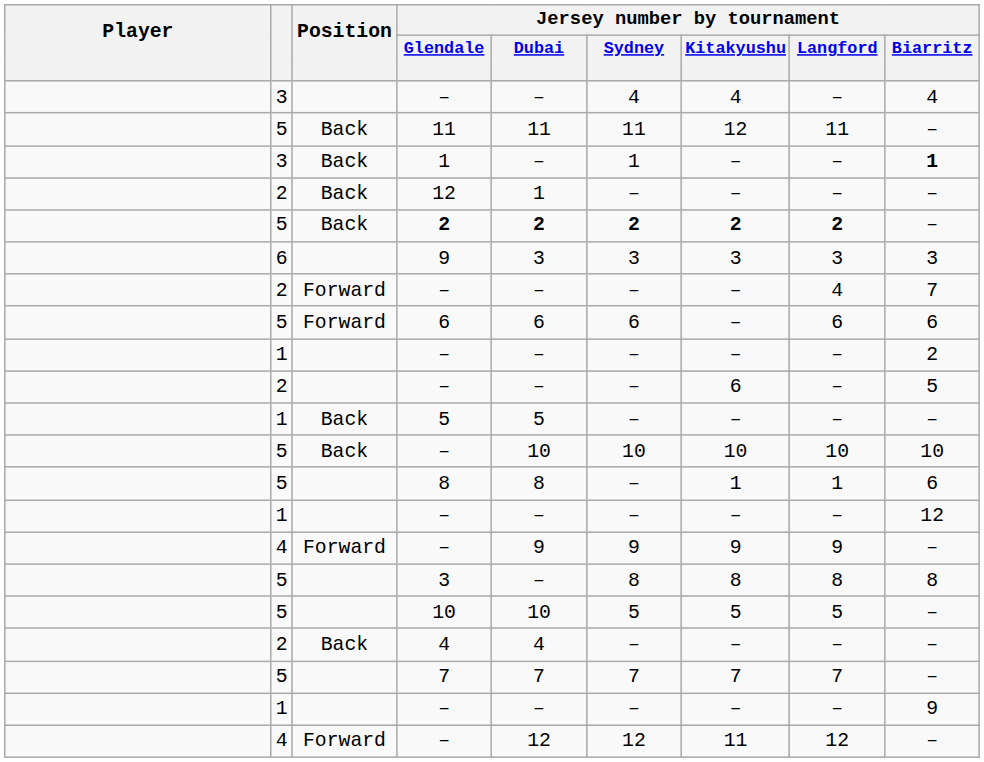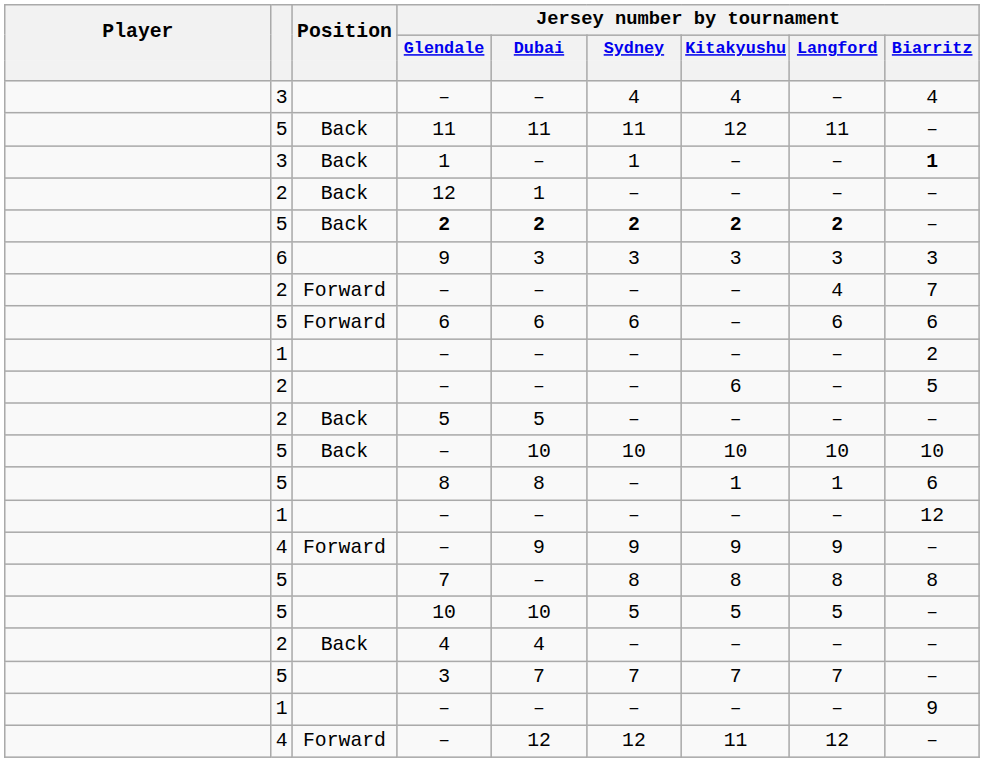 <table class="wikitable sortable" style="text-align:center;">
 <tr>
 <th rowspan=2 style="border-bottom:0px; width:13em;">Player</th>
 <th rowspan=2 style="border-bottom:0px;"></th>
 <th rowspan=2 style="border-bottom:0px;">Position</th>
 <th colspan=6 style="font-size:95%;">Jersey number by tournament</th>
 </tr>
 <tr>
 <th style="vertical-align:top; width:5.2em; border-bottom:0; padding:2px; font-size:85%;"><a href='#'>Glendale</a></th>
 <th style="vertical-align:top; width:5.2em; border-bottom:0; padding:2px; font-size:85%;"><a href='#'>Dubai</a></th>
 <th style="vertical-align:top; width:5.2em; border-bottom:0; padding:2px; font-size:85%;"><a href='#'>Sydney</a></th>
 <th style="vertical-align:top; width:5.2em; border-bottom:0; padding:2px; font-size:85%;"><a href='#'>Kitakyushu</a></th>
 <th style="vertical-align:top; width:5.2em; border-bottom:0; padding:2px; font-size:85%;"><a href='#'>Langford</a></th>
 <th style="vertical-align:top; width:5.2em; border-bottom:0; padding:2px; font-size:85%;"><a href='#'>Biarritz</a></th>
 </tr>
 <tr style="line-height:8px;">
 <th style="border-top:0;"> </th>
 <th style="border-top:0;"></th>
 <th style="border-top:0;"></th>
 <th data-sort-type="number" style="border-top:0;"></th>
 <th data-sort-type="number" style="border-top:0;"></th>
 <th data-sort-type="number" style="border-top:0;"></th>
 <th data-sort-type="number" style="border-top:0;"></th>
 <th data-sort-type="number" style="border-top:0;"></th>
 <th data-sort-type="number" style="border-top:0;"></th>
 </tr>
 <tr>
 <td align=left></td>
 <td>3</td>
 <td></td>
 <td>–</td>
 <td>–</td>
 <td>4</td>
 <td>4</td>
 <td>–</td>
 <td>4</td>
 </tr>
 <tr>
 <td align=left></td>
 <td>5</td>
 <td>Back</td>
 <td>11</td>
 <td>11</td>
 <td>11</td>
 <td>12</td>
 <td>11</td>
 <td>–</td>
 </tr>
 <tr>
 <td align=left></td>
 <td>3</td>
 <td>Back</td>
 <td>1</td>
 <td>–</td>
 <td>1</td>
 <td>–</td>
 <td>–</td>
 <td><strong>1</strong></td>
 </tr>
 <tr>
 <td align=left></td>
 <td>2</td>
 <td>Back</td>
 <td>12</td>
 <td>1</td>
 <td>–</td>
 <td>–</td>
 <td>–</td>
 <td>–</td>
 </tr>
 <tr>
 <td align=left></td>
 <td>5</td>
 <td>Back</td>
 <td><strong>2</strong></td>
 <td><strong>2</strong></td>
 <td><strong>2</strong></td>
 <td><strong>2</strong></td>
 <td><strong>2</strong></td>
 <td>–</td>
 </tr>
 <tr>
 <td align=left></td>
 <td>6</td>
 <td></td>
 <td>9</td>
 <td>3</td>
 <td>3</td>
 <td>3</td>
 <td>3</td>
 <td>3</td>
 </tr>
 <tr>
 <td align=left></td>
 <td>2</td>
 <td>Forward</td>
 <td>–</td>
 <td>–</td>
 <td>–</td>
 <td>–</td>
 <td>4</td>
 <td>7</td>
 </tr>
 <tr>
 <td align=left></td>
 <td>5</td>
 <td>Forward</td>
 <td>6</td>
 <td>6</td>
 <td>6</td>
 <td>–</td>
 <td>6</td>
 <td>6</td>
 </tr>
 <tr>
 <td align=left></td>
 <td>1</td>
 <td></td>
 <td>–</td>
 <td>–</td>
 <td>–</td>
 <td>–</td>
 <td>–</td>
 <td>2</td>
 </tr>
 <tr>
 <td align=left></td>
 <td>2</td>
 <td></td>
 <td>–</td>
 <td>–</td>
 <td>–</td>
 <td>6</td>
 <td>–</td>
 <td>5</td>
 </tr>
 <tr>
 <td align=left></td>
-<td>1</td>
+<td>2</td>
 <td>Back</td>
 <td>5</td>
 <td>5</td>
 <td>–</td>
 <td>–</td>
 <td>–</td>
 <td>–</td>
 </tr>
 <tr>
 <td align=left></td>
 <td>5</td>
 <td>Back</td>
 <td>–</td>
 <td>10</td>
 <td>10</td>
 <td>10</td>
 <td>10</td>
 <td>10</td>
 </tr>
 <tr>
 <td align=left></td>
 <td>5</td>
 <td></td>
 <td>8</td>
 <td>8</td>
 <td>–</td>
 <td>1</td>
 <td>1</td>
 <td>6</td>
 </tr>
 <tr>
 <td align=left></td>
 <td>1</td>
 <td></td>
 <td>–</td>
 <td>–</td>
 <td>–</td>
 <td>–</td>
 <td>–</td>
 <td>12</td>
 </tr>
 <tr>
 <td align=left></td>
 <td>4</td>
 <td>Forward</td>
 <td>–</td>
 <td>9</td>
 <td>9</td>
 <td>9</td>
 <td>9</td>
 <td>–</td>
 </tr>
 <tr>
 <td align=left></td>
 <td>5</td>
 <td></td>
-<td>3</td>
+<td>7</td>
 <td>–</td>
 <td>8</td>
 <td>8</td>
 <td>8</td>
 <td>8</td>
 </tr>
 <tr>
 <td align=left></td>
 <td>5</td>
 <td></td>
 <td>10</td>
 <td>10</td>
 <td>5</td>
 <td>5</td>
 <td>5</td>
 <td>–</td>
 </tr>
 <tr>
 <td align=left></td>
 <td>2</td>
 <td>Back</td>
 <td>4</td>
 <td>4</td>
 <td>–</td>
 <td>–</td>
 <td>–</td>
 <td>–</td>
 </tr>
 <tr>
 <td align=left></td>
 <td>5</td>
 <td></td>
-<td>7</td>
+<td>3</td>
 <td>7</td>
 <td>7</td>
 <td>7</td>
 <td>7</td>
 <td>–</td>
 </tr>
 <tr>
 <td align=left></td>
 <td>1</td>
 <td></td>
 <td>–</td>
 <td>–</td>
 <td>–</td>
 <td>–</td>
 <td>–</td>
 <td>9</td>
 </tr>
 <tr>
 <td align=left></td>
 <td>4</td>
 <td>Forward</td>
 <td>–</td>
 <td>12</td>
 <td>12</td>
 <td>11</td>
 <td>12</td>
 <td>–</td>
 </tr>
 </table>
